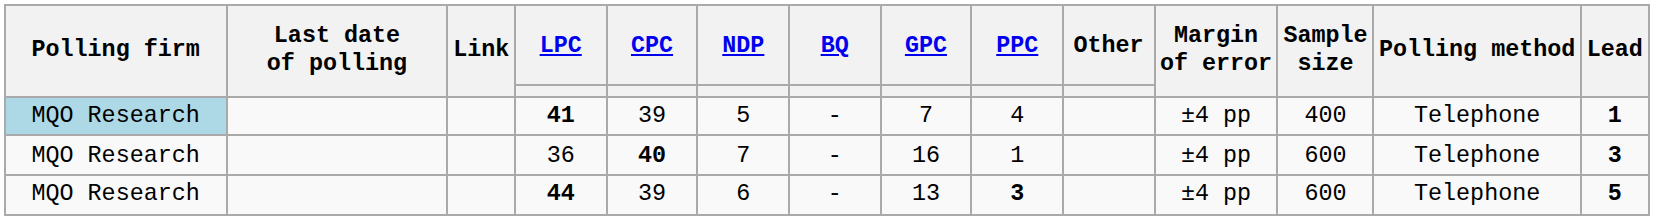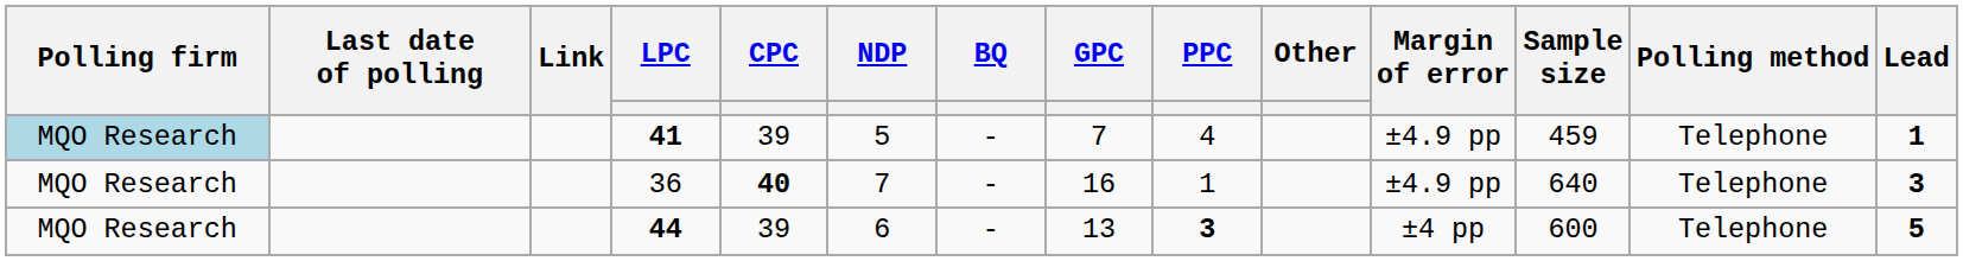 <table class="wikitable sortable mw-datatable" style="text-align:center;font-size:90%;line-height:14px;">
 <tr style="height:40px;">
 <th rowspan="2" style="width:105px;">Polling firm</th>
 <th rowspan="2" style="width:105px;">Last date<br>of polling</th>
 <th rowspan="2">Link</th>
 <th class="unsortable" style="width:40px;"><a href='#'>LPC</a></th>
 <th class="unsortable" style="width:40px;"><a href='#'>CPC</a></th>
 <th class="unsortable" style="width:40px;"><a href='#'>NDP</a></th>
 <th class="unsortable" style="width:40px;"><a href='#'>BQ</a></th>
 <th class="unsortable" style="width:40px;"><a href='#'>GPC</a></th>
 <th class="unsortable" style="width:40px;"><a href='#'>PPC</a></th>
 <th class="unsortable" style="width:40px;">Other</th>
 <th rowspan="2">Margin<br>of error</th>
 <th rowspan="2">Sample<br>size</th>
 <th rowspan="2">Polling method</th>
 <th rowspan="2">Lead</th>
 </tr>
 <tr>
 <th style="background:"></th>
 <th style="background:"></th>
 <th style="background:"></th>
 <th style="background:"></th>
 <th style="background:"></th>
 <th style="background:"></th>
 <th style="background:"></th>
 </tr>
 <tr>
 <td style="background: lightblue;">MQO Research</td>
 <td></td>
 <td></td>
 <td><strong>41</strong></td>
 <td>39</td>
 <td>5</td>
 <td>-</td>
 <td>7</td>
 <td>4</td>
 <td></td>
-<td>±4 pp</td>
-<td>400</td>
+<td>±4.9 pp</td>
+<td>459</td>
 <td>Telephone</td>
 <td><strong>1</strong></td>
 </tr>
 <tr>
 <td>MQO Research</td>
 <td></td>
 <td></td>
 <td>36</td>
 <td><strong>40</strong></td>
 <td>7</td>
 <td>-</td>
 <td>16</td>
 <td>1</td>
 <td></td>
-<td>±4 pp</td>
-<td>600</td>
+<td>±4.9 pp</td>
+<td>640</td>
 <td>Telephone</td>
 <td><strong>3</strong></td>
 </tr>
 <tr>
 <td>MQO Research</td>
 <td></td>
 <td></td>
 <td><strong>44</strong></td>
 <td>39</td>
 <td>6</td>
 <td>-</td>
 <td>13</td>
 <td><strong>3</strong></td>
 <td></td>
 <td>±4 pp</td>
 <td>600</td>
 <td>Telephone</td>
 <td><strong>5</strong></td>
 </tr>
 </table>
